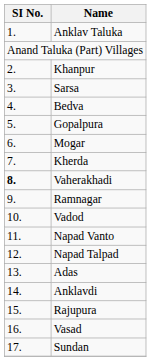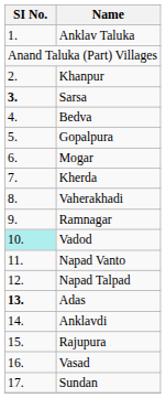 <table class ="wikitable">
 <tr>
 <th>SI No.</th>
 <th>Name</th>
 </tr>
 <tr>
 <td>1.</td>
 <td>Anklav Taluka</td>
 </tr>
 <tr>
 <td colspan=6>Anand Taluka (Part) Villages</td>
 </tr>
 <tr>
 <td>2.</td>
 <td>Khanpur</td>
 </tr>
 <tr>
-<td>3.</td>
+<td><strong>3.</strong></td>
 <td>Sarsa</td>
 </tr>
 <tr>
 <td>4.</td>
 <td>Bedva</td>
 </tr>
 <tr>
 <td>5.</td>
 <td>Gopalpura</td>
 </tr>
 <tr>
 <td>6.</td>
 <td>Mogar</td>
 </tr>
 <tr>
 <td>7.</td>
 <td>Kherda</td>
 </tr>
 <tr>
-<td><strong>8.</strong></td>
+<td>8.</td>
 <td>Vaherakhadi</td>
 </tr>
 <tr>
 <td>9.</td>
 <td>Ramnagar</td>
 </tr>
 <tr>
-<td>10.</td>
+<td style="background: paleturquoise;">10.</td>
 <td>Vadod</td>
 </tr>
 <tr>
 <td>11.</td>
 <td>Napad Vanto</td>
 </tr>
 <tr>
 <td>12.</td>
 <td>Napad Talpad</td>
 </tr>
 <tr>
-<td>13.</td>
+<td><strong>13.</strong></td>
 <td>Adas</td>
 </tr>
 <tr>
 <td>14.</td>
 <td>Anklavdi</td>
 </tr>
 <tr>
 <td>15.</td>
 <td>Rajupura</td>
 </tr>
 <tr>
 <td>16.</td>
 <td>Vasad</td>
 </tr>
 <tr>
 <td>17.</td>
 <td>Sundan</td>
 </tr>
 <tr>
 </tr>
 </table>
